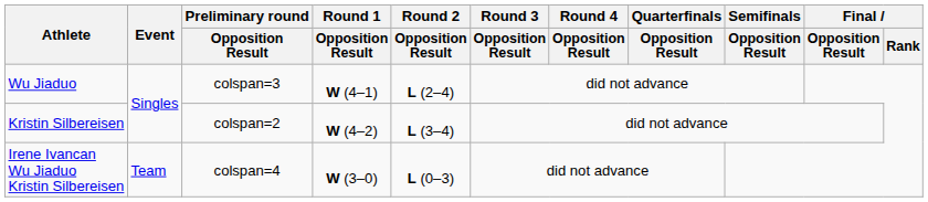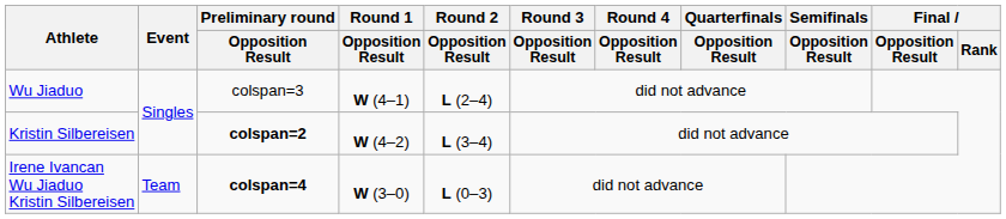 <table class="wikitable" style="font-size:90%">
 <tr>
 <th rowspan=2>Athlete</th>
 <th rowspan=2>Event</th>
 <th>Preliminary round</th>
 <th>Round 1</th>
 <th>Round 2</th>
 <th>Round 3</th>
 <th>Round 4</th>
 <th>Quarterfinals</th>
 <th>Semifinals</th>
 <th colspan=2>Final / </th>
 </tr>
 <tr style="font-size:95%">
 <th>Opposition<br>Result</th>
 <th>Opposition<br>Result</th>
 <th>Opposition<br>Result</th>
 <th>Opposition<br>Result</th>
 <th>Opposition<br>Result</th>
 <th>Opposition<br>Result</th>
 <th>Opposition<br>Result</th>
 <th>Opposition<br>Result</th>
 <th>Rank</th>
 </tr>
 <tr align=center>
 <td align=left><a href='#'>Wu Jiaduo</a></td>
 <td align=left rowspan=2><a href='#'>Singles</a></td>
 <td>colspan=3 </td>
 <td><br><strong>W</strong> (4–1)</td>
 <td><br><strong>L</strong> (2–4)</td>
 <td colspan=4>did not advance</td>
 </tr>
 <tr align=center>
 <td align=left><a href='#'>Kristin Silbereisen</a></td>
-<td>colspan=2 </td>
+<td><strong>colspan=2 </strong></td>
 <td><br><strong>W</strong> (4–2)</td>
 <td><br><strong>L</strong> (3–4)</td>
 <td colspan=5>did not advance</td>
 </tr>
 <tr align=center>
 <td align=left><a href='#'>Irene Ivancan</a><br><a href='#'>Wu Jiaduo</a><br><a href='#'>Kristin Silbereisen</a></td>
 <td align=left><a href='#'>Team</a></td>
-<td>colspan=4 </td>
+<td><strong>colspan=4 </strong></td>
 <td><br><strong>W</strong> (3–0)</td>
 <td><br><strong>L</strong> (0–3)</td>
 <td colspan=3>did not advance</td>
 </tr>
 </table>
